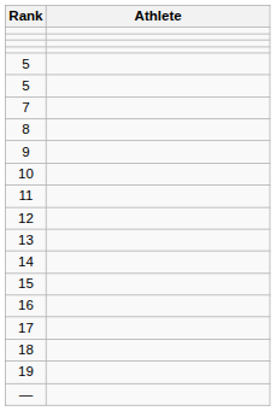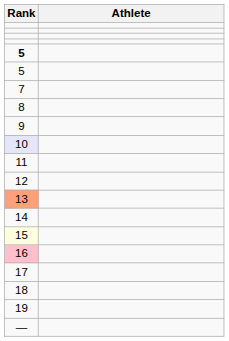 <table class="wikitable" style="text-align: center;">
 <tr>
 <th width=40>Rank</th>
 <th width=250>Athlete</th>
 </tr>
 <tr>
 <td></td>
 <td align="left"></td>
 </tr>
 <tr>
 <td></td>
 <td align="left"></td>
 </tr>
 <tr>
 <td></td>
 <td align="left"></td>
 </tr>
 <tr>
 <td></td>
 <td align="left"></td>
 </tr>
 <tr>
-<td>5</td>
+<td><strong>5</strong></td>
 <td align="left"></td>
 </tr>
 <tr>
 <td>5</td>
 <td align="left"></td>
 </tr>
 <tr>
 <td>7</td>
 <td align="left"></td>
 </tr>
 <tr>
 <td>8</td>
 <td align="left"></td>
 </tr>
 <tr>
 <td>9</td>
 <td align="left"></td>
 </tr>
 <tr>
-<td>10</td>
+<td style="background: lavender;">10</td>
 <td align="left"></td>
 </tr>
 <tr>
 <td>11</td>
 <td align="left"></td>
 </tr>
 <tr>
 <td>12</td>
 <td align="left"></td>
 </tr>
 <tr>
-<td>13</td>
+<td style="background: lightsalmon;">13</td>
 <td align="left"></td>
 </tr>
 <tr>
 <td>14</td>
 <td align="left"></td>
 </tr>
 <tr>
-<td>15</td>
+<td style="background: lightyellow;">15</td>
 <td align="left"></td>
 </tr>
 <tr>
-<td>16</td>
+<td style="background: pink;">16</td>
 <td align="left"></td>
 </tr>
 <tr>
 <td>17</td>
 <td align="left"></td>
 </tr>
 <tr>
 <td>18</td>
 <td align="left"></td>
 </tr>
 <tr>
 <td>19</td>
 <td align="left"></td>
 </tr>
 <tr>
 <td>—</td>
 <td align="left"></td>
 </tr>
 </table>
